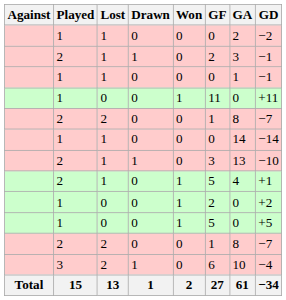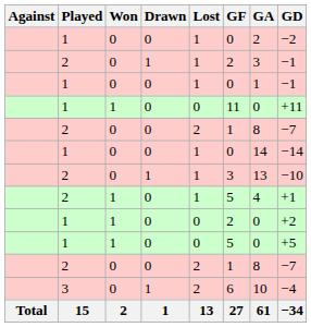 <table class="sortable wikitable">
 <tr>
 <th>Against</th>
 <th>Played</th>
+<th>Won</th>
+<th>Drawn</th>
 <th>Lost</th>
-<th>Drawn</th>
-<th>Won</th>
 <th>GF</th>
 <th>GA</th>
 <th>GD</th>
 </tr>
 <tr bgcolor=#FFCCCC>
 <td style="text-align:left;"></td>
 <td>1</td>
-<td>1</td>
 <td>0</td>
 <td>0</td>
+<td>1</td>
 <td>0</td>
 <td>2</td>
 <td>−2</td>
 </tr>
 <tr bgcolor=#FFCCCC>
 <td style="text-align:left;"></td>
 <td>2</td>
+<td>0</td>
 <td>1</td>
 <td>1</td>
-<td>0</td>
 <td>2</td>
 <td>3</td>
 <td>−1</td>
 </tr>
 <tr bgcolor=#FFCCCC>
 <td style="text-align:left;"></td>
 <td>1</td>
-<td>1</td>
 <td>0</td>
 <td>0</td>
+<td>1</td>
 <td>0</td>
 <td>1</td>
 <td>−1</td>
 </tr>
 <tr bgcolor=#CCFFCC>
 <td style="text-align:left;"></td>
 <td>1</td>
+<td>1</td>
 <td>0</td>
 <td>0</td>
-<td>1</td>
 <td>11</td>
 <td>0</td>
 <td>+11</td>
 </tr>
 <tr bgcolor=#FFCCCC>
 <td style="text-align:left;"></td>
 <td>2</td>
-<td>2</td>
 <td>0</td>
 <td>0</td>
+<td>2</td>
 <td>1</td>
 <td>8</td>
 <td>−7</td>
 </tr>
 <tr bgcolor=#FFCCCC>
 <td style="text-align:left;"></td>
 <td>1</td>
-<td>1</td>
 <td>0</td>
 <td>0</td>
+<td>1</td>
 <td>0</td>
 <td>14</td>
 <td>−14</td>
 </tr>
 <tr bgcolor=#FFCCCC>
 <td style="text-align:left;"></td>
 <td>2</td>
+<td>0</td>
 <td>1</td>
 <td>1</td>
-<td>0</td>
 <td>3</td>
 <td>13</td>
 <td>−10</td>
 </tr>
 <tr bgcolor=#CCFFCC>
 <td style="text-align:left;"></td>
 <td>2</td>
 <td>1</td>
 <td>0</td>
 <td>1</td>
 <td>5</td>
 <td>4</td>
 <td>+1</td>
 </tr>
 <tr bgcolor=#CCFFCC>
 <td style="text-align:left;"></td>
 <td>1</td>
+<td>1</td>
 <td>0</td>
 <td>0</td>
-<td>1</td>
 <td>2</td>
 <td>0</td>
 <td>+2</td>
 </tr>
 <tr bgcolor=#CCFFCC>
 <td style="text-align:left;"></td>
 <td>1</td>
+<td>1</td>
 <td>0</td>
 <td>0</td>
-<td>1</td>
 <td>5</td>
 <td>0</td>
 <td>+5</td>
 </tr>
 <tr bgcolor=#FFCCCC>
 <td style="text-align:left;"></td>
 <td>2</td>
-<td>2</td>
 <td>0</td>
 <td>0</td>
+<td>2</td>
 <td>1</td>
 <td>8</td>
 <td>−7</td>
 </tr>
 <tr bgcolor=#FFCCCC>
 <td style="text-align:left;"></td>
 <td>3</td>
+<td>0</td>
+<td>1</td>
 <td>2</td>
-<td>1</td>
-<td>0</td>
 <td>6</td>
 <td>10</td>
 <td>−4</td>
 </tr>
 <tr class="sortbottom">
 <th>Total</th>
 <th>15</th>
+<th>2</th>
+<th>1</th>
 <th>13</th>
-<th>1</th>
-<th>2</th>
 <th>27</th>
 <th>61</th>
 <th>−34</th>
 </tr>
 </table>
